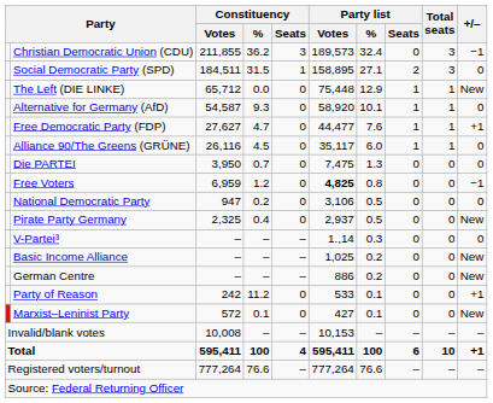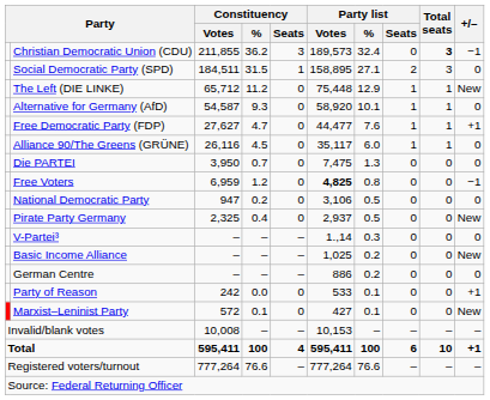 <table class="wikitable" style="text-align:right">
 <tr>
 <th colspan="2" rowspan="2">Party</th>
 <th colspan="3">Constituency</th>
 <th colspan="3">Party list</th>
 <th rowspan="2">Total<br>seats</th>
 <th rowspan="2">+/–</th>
 </tr>
 <tr>
 <th>Votes</th>
 <th>%</th>
 <th>Seats</th>
 <th>Votes</th>
 <th>%</th>
 <th>Seats</th>
 </tr>
 <tr>
 <td></td>
 <td align="left"><a href='#'>Christian Democratic Union</a> (CDU)</td>
 <td>211,855</td>
 <td>36.2</td>
 <td>3</td>
 <td>189,573</td>
 <td>32.4</td>
 <td>0</td>
-<td>3</td>
+<td><strong>3</strong></td>
 <td>−1</td>
 </tr>
 <tr>
 <td></td>
 <td align="left"><a href='#'>Social Democratic Party</a> (SPD)</td>
 <td>184,511</td>
 <td>31.5</td>
 <td>1</td>
 <td>158,895</td>
 <td>27.1</td>
 <td>2</td>
 <td>3</td>
 <td>0</td>
 </tr>
 <tr>
 <td></td>
 <td align="left"><a href='#'>The Left</a> (DIE LINKE)</td>
 <td>65,712</td>
-<td>0.0</td>
+<td>11.2</td>
 <td>0</td>
 <td>75,448</td>
 <td>12.9</td>
 <td>1</td>
 <td>1</td>
 <td>New</td>
 </tr>
 <tr>
 <td></td>
 <td align="left"><a href='#'>Alternative for Germany</a> (AfD)</td>
 <td>54,587</td>
 <td>9.3</td>
 <td>0</td>
 <td>58,920</td>
 <td>10.1</td>
 <td>1</td>
 <td>1</td>
 <td>0</td>
 </tr>
 <tr>
 <td></td>
 <td align="left"><a href='#'>Free Democratic Party</a> (FDP)</td>
 <td>27,627</td>
 <td>4.7</td>
 <td>0</td>
 <td>44,477</td>
 <td>7.6</td>
 <td>1</td>
 <td>1</td>
 <td>+1</td>
 </tr>
 <tr>
 <td></td>
 <td align="left"><a href='#'>Alliance 90/The Greens</a> (GRÜNE)</td>
 <td>26,116</td>
 <td>4.5</td>
 <td>0</td>
 <td>35,117</td>
 <td>6.0</td>
 <td>1</td>
 <td>1</td>
 <td>0</td>
 </tr>
 <tr>
 <td style="background-color:"></td>
 <td align="left"><a href='#'>Die PARTEI</a></td>
 <td>3,950</td>
 <td>0.7</td>
 <td>0</td>
 <td>7,475</td>
 <td>1.3</td>
 <td>0</td>
 <td>0</td>
 <td>0</td>
 </tr>
 <tr>
 <td style="background-color:"></td>
 <td align="left"><a href='#'>Free Voters</a></td>
 <td>6,959</td>
 <td>1.2</td>
 <td>0</td>
 <td><strong>4,825</strong></td>
 <td>0.8</td>
 <td>0</td>
 <td>0</td>
 <td>−1</td>
 </tr>
 <tr>
 <td style="background-color:"></td>
 <td align="left"><a href='#'>National Democratic Party</a></td>
 <td>947</td>
 <td>0.2</td>
 <td>0</td>
 <td>3,106</td>
 <td>0.5</td>
 <td>0</td>
 <td>0</td>
 <td>0</td>
 </tr>
 <tr>
 <td style="background-color:"></td>
 <td align="left"><a href='#'>Pirate Party Germany</a></td>
 <td>2,325</td>
 <td>0.4</td>
 <td>0</td>
 <td>2,937</td>
 <td>0.5</td>
 <td>0</td>
 <td>0</td>
 <td>New</td>
 </tr>
 <tr>
 <td style="background-color:"></td>
 <td align="left"><a href='#'>V-Partei³</a></td>
 <td>–</td>
 <td>–</td>
 <td>–</td>
 <td>1.,14</td>
 <td>0.3</td>
 <td>0</td>
 <td>0</td>
 <td>0</td>
 </tr>
 <tr>
 <td style="background-color:"></td>
 <td align="left"><a href='#'>Basic Income Alliance</a></td>
 <td>–</td>
 <td>–</td>
 <td>–</td>
 <td>1,025</td>
 <td>0.2</td>
 <td>0</td>
 <td>0</td>
 <td>New</td>
 </tr>
 <tr>
 <td></td>
 <td align="left">German Centre</td>
 <td>–</td>
 <td>–</td>
 <td>–</td>
 <td>886</td>
 <td>0.2</td>
 <td>0</td>
 <td>0</td>
-<td>New</td>
+<td>0</td>
 </tr>
 <tr>
 <td></td>
 <td align="left"><a href='#'>Party of Reason</a></td>
 <td>242</td>
-<td>11.2</td>
+<td>0.0</td>
 <td>0</td>
 <td>533</td>
 <td>0.1</td>
 <td>0</td>
 <td>0</td>
 <td>+1</td>
 </tr>
 <tr>
 <td style="background-color:red"></td>
 <td align="left"><a href='#'>Marxist–Leninist Party</a></td>
 <td>572</td>
 <td>0.1</td>
 <td>0</td>
 <td>427</td>
 <td>0.1</td>
 <td>0</td>
 <td>0</td>
 <td>New</td>
 </tr>
 <tr>
 <td colspan="2" align="left">Invalid/blank votes</td>
 <td>10,008</td>
 <td>–</td>
 <td>–</td>
 <td>10,153</td>
 <td>–</td>
 <td>–</td>
 <td>–</td>
 <td>–</td>
 </tr>
 <tr>
 <td colspan="2" align="left"><strong>Total</strong></td>
 <td><strong>595,411</strong></td>
 <td><strong>100</strong></td>
 <td><strong>4</strong></td>
 <td><strong>595,411</strong></td>
 <td><strong>100</strong></td>
 <td><strong>6</strong></td>
 <td><strong>10</strong></td>
 <td><strong>+1</strong></td>
 </tr>
 <tr>
 <td colspan="2" align="left">Registered voters/turnout</td>
 <td>777,264</td>
 <td>76.6</td>
 <td>–</td>
 <td>777,264</td>
 <td>76.6</td>
 <td>–</td>
 <td>–</td>
 <td>–</td>
 </tr>
 <tr>
 <td colspan="10" align="left">Source: <a href='#'>Federal Returning Officer</a></td>
 </tr>
 </table>
